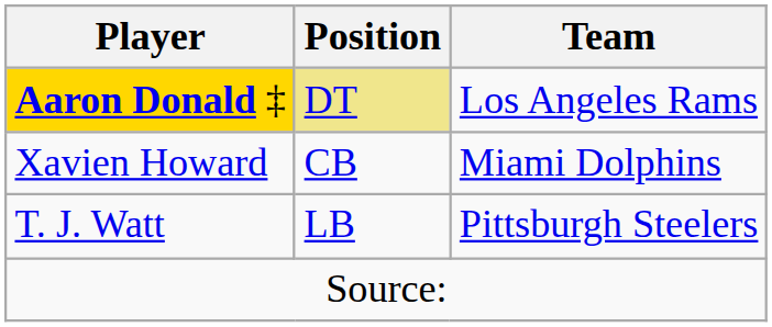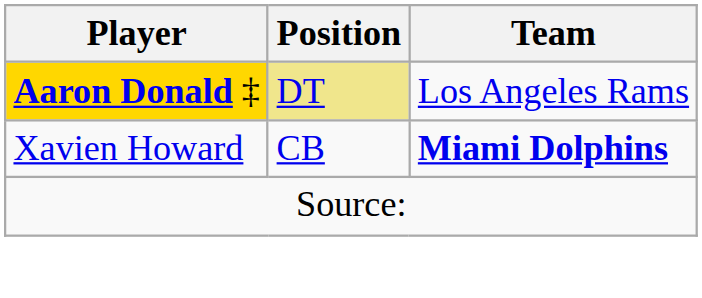 <table class="wikitable sortable">
 <tr>
 <th>Player</th>
 <th>Position</th>
 <th>Team</th>
 </tr>
 <tr>
 <td style="background-color:Gold; border:1px solid #aaaaaa"><strong><a href='#'>Aaron Donald</a></strong> ‡</td>
 <td style="background: khaki;"><a href='#'>DT</a></td>
 <td><a href='#'>Los Angeles Rams</a></td>
 </tr>
 <tr>
 <td><a href='#'>Xavien Howard</a></td>
 <td><a href='#'>CB</a></td>
-<td><a href='#'>Miami Dolphins</a></td>
-</tr>
-<tr>
-<td><a href='#'>T. J. Watt</a></td>
-<td><a href='#'>LB</a></td>
-<td><a href='#'>Pittsburgh Steelers</a></td>
+<td><strong><a href='#'>Miami Dolphins</a></strong></td>
 </tr>
 <tr>
 <td colspan="3" style="text-align:center;">Source:</td>
 </tr>
 </table>
